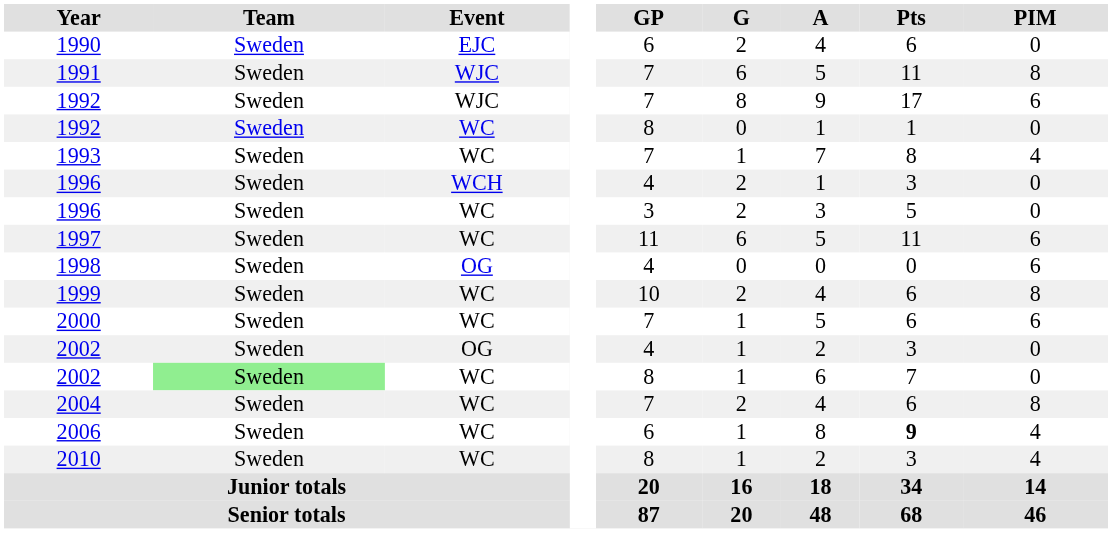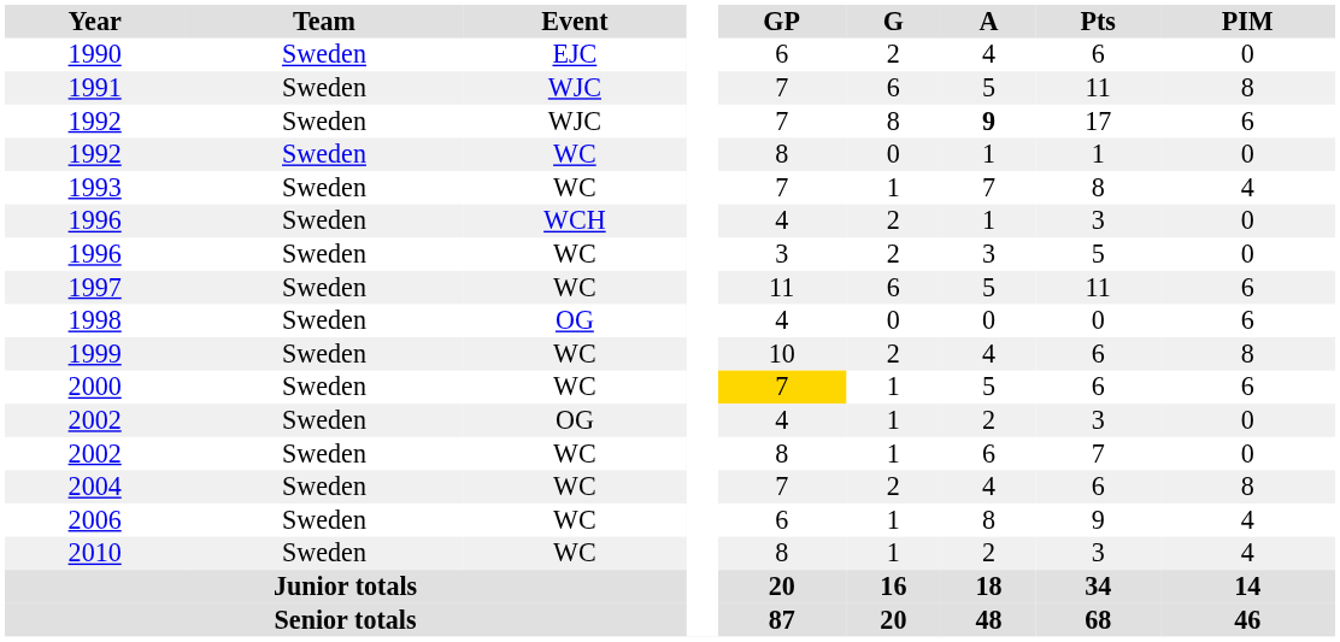 <table border="0" cellpadding="1" cellspacing="0" style="text-align:center; width:50em">
 <tr ALIGN="center" bgcolor="#e0e0e0">
 <th>Year</th>
 <th>Team</th>
 <th>Event</th>
 <th rowspan="99" bgcolor="#ffffff"> </th>
 <th>GP</th>
 <th>G</th>
 <th>A</th>
 <th>Pts</th>
 <th>PIM</th>
 </tr>
 <tr>
 <td><a href='#'>1990</a></td>
 <td><a href='#'>Sweden</a></td>
 <td><a href='#'>EJC</a></td>
 <td>6</td>
 <td>2</td>
 <td>4</td>
 <td>6</td>
 <td>0</td>
 </tr>
 <tr bgcolor="#f0f0f0">
 <td><a href='#'>1991</a></td>
 <td>Sweden</td>
 <td><a href='#'>WJC</a></td>
 <td>7</td>
 <td>6</td>
 <td>5</td>
 <td>11</td>
 <td>8</td>
 </tr>
 <tr>
 <td><a href='#'>1992</a></td>
 <td>Sweden</td>
 <td>WJC</td>
 <td>7</td>
 <td>8</td>
-<td>9</td>
+<td><strong>9</strong></td>
 <td>17</td>
 <td>6</td>
 </tr>
 <tr bgcolor="#f0f0f0">
 <td><a href='#'>1992</a></td>
 <td><a href='#'>Sweden</a></td>
 <td><a href='#'>WC</a></td>
 <td>8</td>
 <td>0</td>
 <td>1</td>
 <td>1</td>
 <td>0</td>
 </tr>
 <tr>
 <td><a href='#'>1993</a></td>
 <td>Sweden</td>
 <td>WC</td>
 <td>7</td>
 <td>1</td>
 <td>7</td>
 <td>8</td>
 <td>4</td>
 </tr>
 <tr bgcolor="#f0f0f0">
 <td><a href='#'>1996</a></td>
 <td>Sweden</td>
 <td><a href='#'>WCH</a></td>
 <td>4</td>
 <td>2</td>
 <td>1</td>
 <td>3</td>
 <td>0</td>
 </tr>
 <tr>
 <td><a href='#'>1996</a></td>
 <td>Sweden</td>
 <td>WC</td>
 <td>3</td>
 <td>2</td>
 <td>3</td>
 <td>5</td>
 <td>0</td>
 </tr>
 <tr bgcolor="#f0f0f0">
 <td><a href='#'>1997</a></td>
 <td>Sweden</td>
 <td>WC</td>
 <td>11</td>
 <td>6</td>
 <td>5</td>
 <td>11</td>
 <td>6</td>
 </tr>
 <tr>
 <td><a href='#'>1998</a></td>
 <td>Sweden</td>
 <td><a href='#'>OG</a></td>
 <td>4</td>
 <td>0</td>
 <td>0</td>
 <td>0</td>
 <td>6</td>
 </tr>
 <tr bgcolor="#f0f0f0">
 <td><a href='#'>1999</a></td>
 <td>Sweden</td>
 <td>WC</td>
 <td>10</td>
 <td>2</td>
 <td>4</td>
 <td>6</td>
 <td>8</td>
 </tr>
 <tr>
 <td><a href='#'>2000</a></td>
 <td>Sweden</td>
 <td>WC</td>
-<td>7</td>
+<td style="background: gold;">7</td>
 <td>1</td>
 <td>5</td>
 <td>6</td>
 <td>6</td>
 </tr>
 <tr bgcolor="#f0f0f0">
 <td><a href='#'>2002</a></td>
 <td>Sweden</td>
 <td>OG</td>
 <td>4</td>
 <td>1</td>
 <td>2</td>
 <td>3</td>
 <td>0</td>
 </tr>
 <tr>
 <td><a href='#'>2002</a></td>
-<td style="background: lightgreen;">Sweden</td>
+<td>Sweden</td>
 <td>WC</td>
 <td>8</td>
 <td>1</td>
 <td>6</td>
 <td>7</td>
 <td>0</td>
 </tr>
 <tr bgcolor="#f0f0f0">
 <td><a href='#'>2004</a></td>
 <td>Sweden</td>
 <td>WC</td>
 <td>7</td>
 <td>2</td>
 <td>4</td>
 <td>6</td>
 <td>8</td>
 </tr>
 <tr>
 <td><a href='#'>2006</a></td>
 <td>Sweden</td>
 <td>WC</td>
 <td>6</td>
 <td>1</td>
 <td>8</td>
-<td><strong>9</strong></td>
+<td>9</td>
 <td>4</td>
 </tr>
 <tr bgcolor="#f0f0f0">
 <td><a href='#'>2010</a></td>
 <td>Sweden</td>
 <td>WC</td>
 <td>8</td>
 <td>1</td>
 <td>2</td>
 <td>3</td>
 <td>4</td>
 </tr>
 <tr bgcolor="#e0e0e0">
 <th colspan="3">Junior totals</th>
 <th>20</th>
 <th>16</th>
 <th>18</th>
 <th>34</th>
 <th>14</th>
 </tr>
 <tr bgcolor="#e0e0e0">
 <th colspan="3">Senior totals</th>
 <th>87</th>
 <th>20</th>
 <th>48</th>
 <th>68</th>
 <th>46</th>
 </tr>
 </table>
